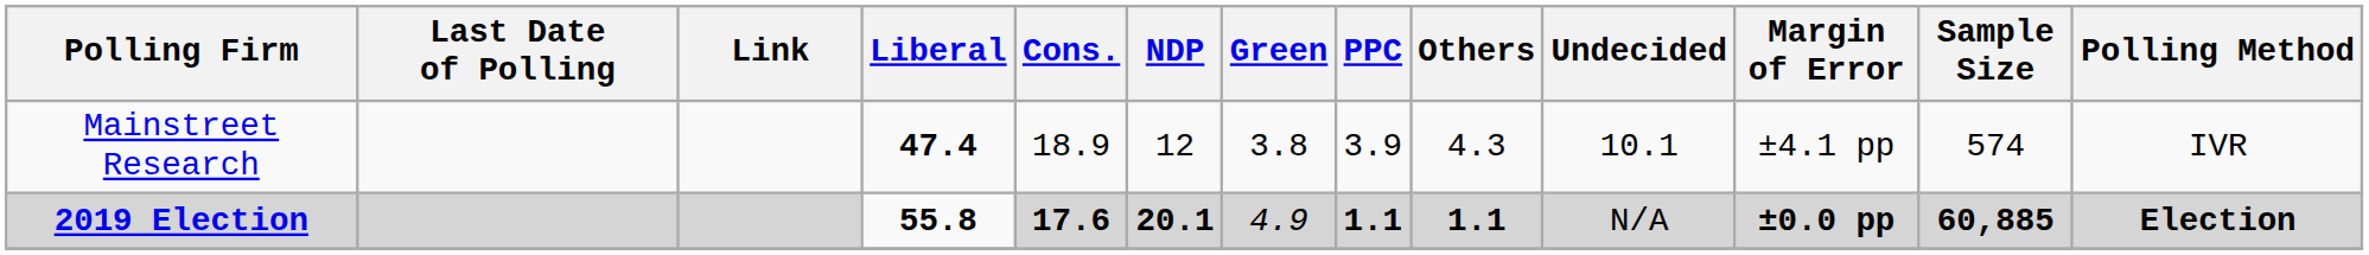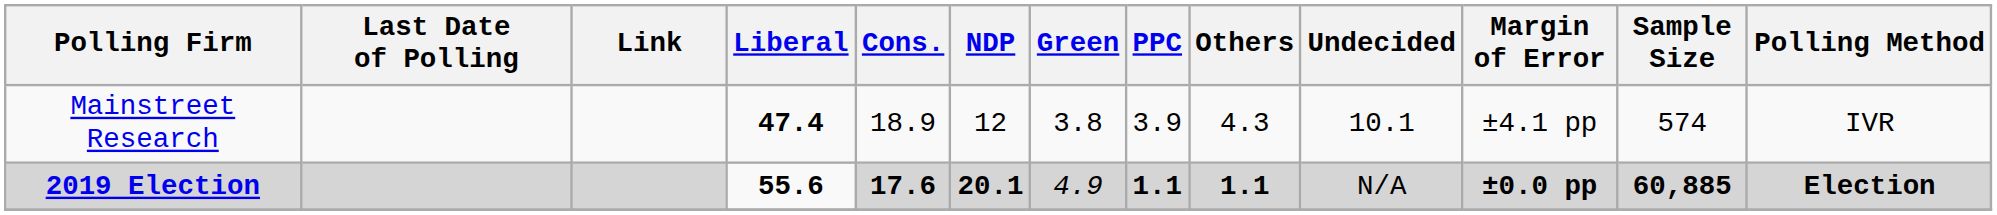 <table class="wikitable sortable" style="text-align:center;font-size:90%;line-height:14px;">
 <tr style="background:#e9e9e9;">
 <th style="width:120px">Polling Firm</th>
 <th style="width:110px">Last Date<br>of Polling</th>
 <th style="width:60px" class="unsortable">Link</th>
 <th style="background-color:"><a href='#'>Liberal</a></th>
 <th style="background-color:"><a href='#'>Cons.</a></th>
 <th style="background-color:"><a href='#'>NDP</a></th>
 <th style="background-color:"><a href='#'>Green</a></th>
 <th style="background-color:"><a href='#'><span>PPC</span></a></th>
 <th style="background-color:">Others</th>
 <th style="background-color:">Undecided</th>
 <th style="width:60px;" class=unsortable>Margin<br>of Error</th>
 <th style="width:50px;" class=unsortable>Sample<br>Size</th>
 <th class=unsortable>Polling Method</th>
 </tr>
 <tr>
 <td><a href='#'>Mainstreet Research</a></td>
 <td></td>
 <td></td>
 <td><strong>47.4</strong></td>
 <td>18.9</td>
 <td>12</td>
 <td>3.8</td>
 <td>3.9</td>
 <td>4.3</td>
 <td>10.1</td>
 <td>±4.1 pp</td>
 <td>574</td>
 <td>IVR</td>
 </tr>
 <tr>
 <td style="background:#D5D5D5"><strong><a href='#'>2019 Election</a></strong></td>
 <td style="background:#D5D5D5"><strong></strong></td>
 <td style="background:#D5D5D5"></td>
-<td><strong>55.8</strong></td>
+<td><strong>55.6</strong></td>
 <td style="background:#D5D5D5"><strong>17.6</strong></td>
 <td style="background:#D5D5D5"><strong>20.1</strong></td>
 <td style="background:#D5D5D5"><em>4.9</em></td>
 <td style="background:#D5D5D5"><strong>1.1</strong></td>
 <td style="background:#D5D5D5"><strong>1.1</strong></td>
 <td style="background:#D5D5D5">N/A</td>
 <td style="background:#D5D5D5"><strong>±0.0 pp</strong></td>
 <td style="background:#D5D5D5"><strong>60,885</strong></td>
 <td style="background:#D5D5D5"><strong>Election</strong></td>
 </tr>
 <tr>
 </tr>
 <tr>
 </tr>
 </table>
